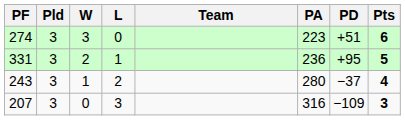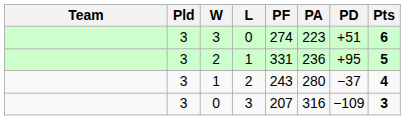 <table class=wikitable style="text-align:center">
 <tr>
-<th width=30>PF</th>
+<th width=180>Team</th>
 <th width=30>Pld</th>
 <th width=30>W</th>
 <th width=30>L</th>
-<th width=180>Team</th>
+<th width=30>PF</th>
 <th width=30>PA</th>
 <th width=30>PD</th>
 <th width=30>Pts</th>
 </tr>
 <tr align=center bgcolor="#ccffcc">
-<td>274</td>
+<td align=left></td>
 <td>3</td>
 <td>3</td>
 <td>0</td>
-<td align=left></td>
+<td>274</td>
 <td>223</td>
 <td>+51</td>
 <td><strong>6</strong></td>
 </tr>
 <tr align=center bgcolor="#ccffcc">
-<td>331</td>
+<td align=left></td>
 <td>3</td>
 <td>2</td>
 <td>1</td>
-<td align=left></td>
+<td>331</td>
 <td>236</td>
 <td>+95</td>
 <td><strong>5</strong></td>
 </tr>
 <tr align=center>
-<td>243</td>
+<td align=left></td>
 <td>3</td>
 <td>1</td>
 <td>2</td>
-<td align=left></td>
+<td>243</td>
 <td>280</td>
 <td>−37</td>
 <td><strong>4</strong></td>
 </tr>
 <tr align=center>
-<td>207</td>
+<td align=left></td>
 <td>3</td>
 <td>0</td>
 <td>3</td>
-<td align=left></td>
+<td>207</td>
 <td>316</td>
 <td>−109</td>
 <td><strong>3</strong></td>
 </tr>
 </table>
